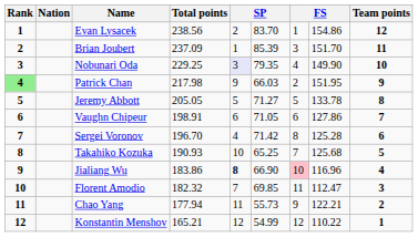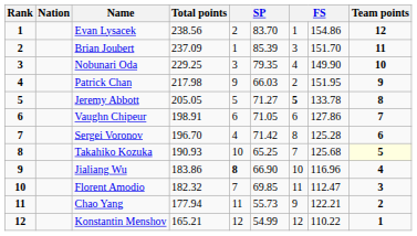 <table class="wikitable sortable">
 <tr>
 <th>Rank</th>
 <th>Nation</th>
 <th>Name</th>
 <th>Total points</th>
 <th colspan="2" width="80px"><a href='#'>SP</a></th>
 <th colspan="2" width="80px"><a href='#'>FS</a></th>
 <th>Team points</th>
 </tr>
 <tr>
 <td align="center"><strong>1</strong></td>
 <td></td>
 <td><a href='#'>Evan Lysacek</a></td>
 <td>238.56</td>
 <td>2</td>
 <td>83.70</td>
 <td>1</td>
 <td>154.86</td>
 <td align="center"><strong>12</strong></td>
 </tr>
 <tr>
 <td align="center"><strong>2</strong></td>
 <td></td>
 <td><a href='#'>Brian Joubert</a></td>
 <td>237.09</td>
 <td>1</td>
 <td>85.39</td>
 <td>3</td>
 <td>151.70</td>
 <td align="center"><strong>11</strong></td>
 </tr>
 <tr>
 <td align="center"><strong>3</strong></td>
 <td></td>
 <td><a href='#'>Nobunari Oda</a></td>
 <td>229.25</td>
-<td style="background: lavender;">3</td>
+<td>3</td>
 <td>79.35</td>
 <td>4</td>
 <td>149.90</td>
 <td align="center"><strong>10</strong></td>
 </tr>
 <tr>
-<td align="center" style="background: lightgreen;"><strong>4</strong></td>
+<td align="center"><strong>4</strong></td>
 <td></td>
 <td><a href='#'>Patrick Chan</a></td>
 <td>217.98</td>
 <td>9</td>
 <td>66.03</td>
 <td>2</td>
 <td>151.95</td>
 <td align="center"><strong>9</strong></td>
 </tr>
 <tr>
 <td align="center"><strong>5</strong></td>
 <td></td>
 <td><a href='#'>Jeremy Abbott</a></td>
 <td>205.05</td>
 <td>5</td>
 <td>71.27</td>
-<td>5</td>
+<td><strong>5</strong></td>
 <td>133.78</td>
 <td align="center"><strong>8</strong></td>
 </tr>
 <tr>
 <td align="center"><strong>6</strong></td>
 <td></td>
 <td><a href='#'>Vaughn Chipeur</a></td>
 <td>198.91</td>
 <td>6</td>
 <td>71.05</td>
 <td>6</td>
 <td>127.86</td>
 <td align="center"><strong>7</strong></td>
 </tr>
 <tr>
 <td align="center"><strong>7</strong></td>
 <td></td>
 <td><a href='#'>Sergei Voronov</a></td>
 <td>196.70</td>
 <td>4</td>
 <td>71.42</td>
 <td>8</td>
 <td>125.28</td>
 <td align="center"><strong>6</strong></td>
 </tr>
 <tr>
 <td align="center"><strong>8</strong></td>
 <td></td>
 <td><a href='#'>Takahiko Kozuka</a></td>
 <td>190.93</td>
 <td>10</td>
 <td>65.25</td>
 <td>7</td>
 <td>125.68</td>
-<td align="center"><strong>5</strong></td>
+<td align="center" style="background: lightyellow;"><strong>5</strong></td>
 </tr>
 <tr>
 <td align="center"><strong>9</strong></td>
 <td></td>
 <td><a href='#'>Jialiang Wu</a></td>
 <td>183.86</td>
 <td><strong>8</strong></td>
 <td>66.90</td>
-<td style="background: pink;">10</td>
+<td>10</td>
 <td>116.96</td>
 <td align="center"><strong>4</strong></td>
 </tr>
 <tr>
 <td align="center"><strong>10</strong></td>
 <td></td>
 <td><a href='#'>Florent Amodio</a></td>
 <td>182.32</td>
 <td>7</td>
 <td>69.85</td>
 <td>11</td>
 <td>112.47</td>
 <td align="center"><strong>3</strong></td>
 </tr>
 <tr>
 <td align="center"><strong>11</strong></td>
 <td></td>
 <td><a href='#'>Chao Yang</a></td>
 <td>177.94</td>
 <td>11</td>
 <td>55.73</td>
 <td>9</td>
 <td>122.21</td>
 <td align="center"><strong>2</strong></td>
 </tr>
 <tr>
 <td align="center"><strong>12</strong></td>
 <td></td>
 <td><a href='#'>Konstantin Menshov</a></td>
 <td>165.21</td>
 <td>12</td>
 <td>54.99</td>
 <td>12</td>
 <td>110.22</td>
 <td align="center"><strong>1</strong></td>
 </tr>
 </table>
